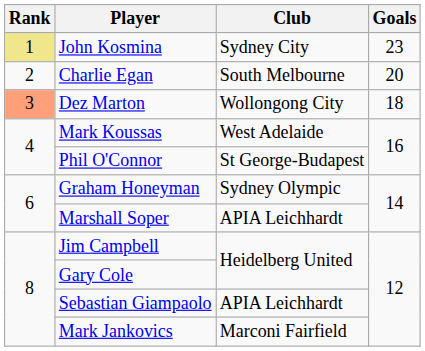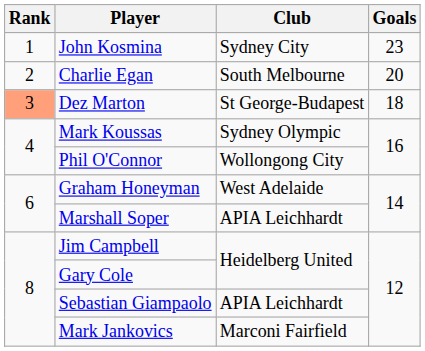 <table class="wikitable" style="text-align:center">
 <tr>
 <th>Rank</th>
 <th>Player</th>
 <th>Club</th>
 <th>Goals</th>
 </tr>
 <tr>
-<td style="background: khaki;">1</td>
+<td>1</td>
 <td align="left"> <a href='#'>John Kosmina</a></td>
 <td align="left">Sydney City</td>
 <td>23</td>
 </tr>
 <tr>
 <td>2</td>
 <td align="left"> <a href='#'>Charlie Egan</a></td>
 <td align="left">South Melbourne</td>
 <td>20</td>
 </tr>
 <tr>
 <td style="background: lightsalmon;">3</td>
 <td align="left"> <a href='#'>Dez Marton</a></td>
-<td align="left">Wollongong City</td>
+<td align="left">St George-Budapest</td>
 <td>18</td>
 </tr>
 <tr>
 <td rowspan="2">4</td>
 <td align="left"> <a href='#'>Mark Koussas</a></td>
-<td align="left">West Adelaide</td>
+<td align="left">Sydney Olympic</td>
 <td rowspan="2">16</td>
 </tr>
 <tr>
 <td align="left"> <a href='#'>Phil O'Connor</a></td>
-<td align="left">St George-Budapest</td>
+<td align="left">Wollongong City</td>
 </tr>
 <tr>
 <td rowspan="2">6</td>
 <td align="left"> <a href='#'>Graham Honeyman</a></td>
-<td align="left">Sydney Olympic</td>
+<td align="left">West Adelaide</td>
 <td rowspan="2">14</td>
 </tr>
 <tr>
 <td align="left"> <a href='#'>Marshall Soper</a></td>
 <td align="left">APIA Leichhardt</td>
 </tr>
 <tr>
 <td rowspan="4">8</td>
 <td align="left"> <a href='#'>Jim Campbell</a></td>
 <td align="left" rowspan="2">Heidelberg United</td>
 <td rowspan="4">12</td>
 </tr>
 <tr>
 <td align="left"> <a href='#'>Gary Cole</a></td>
 </tr>
 <tr>
 <td align="left"> <a href='#'>Sebastian Giampaolo</a></td>
 <td align="left">APIA Leichhardt</td>
 </tr>
 <tr>
 <td align="left"> <a href='#'>Mark Jankovics</a></td>
 <td align="left">Marconi Fairfield</td>
 </tr>
 </table>
